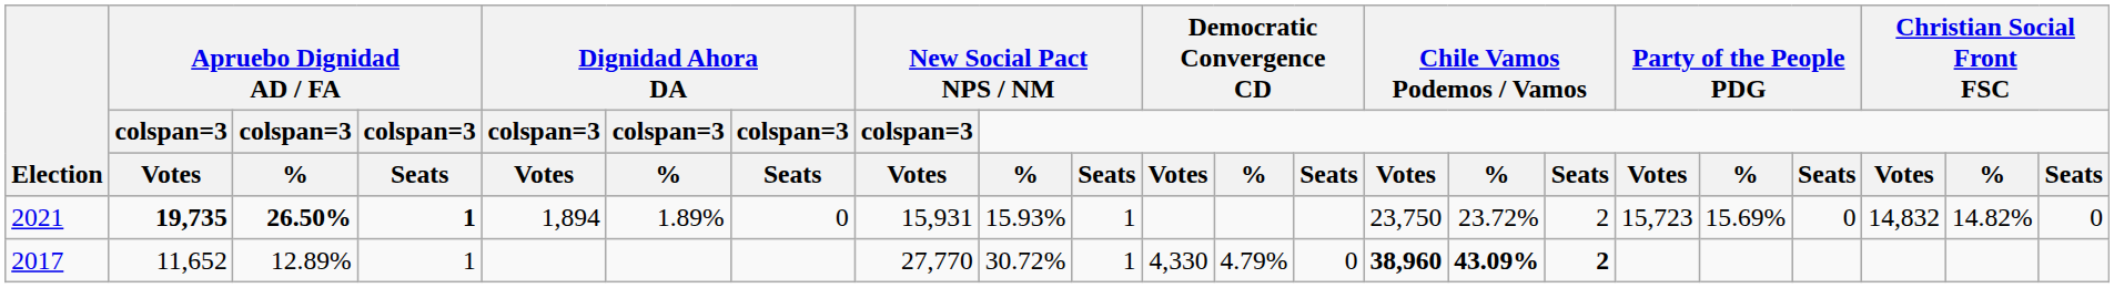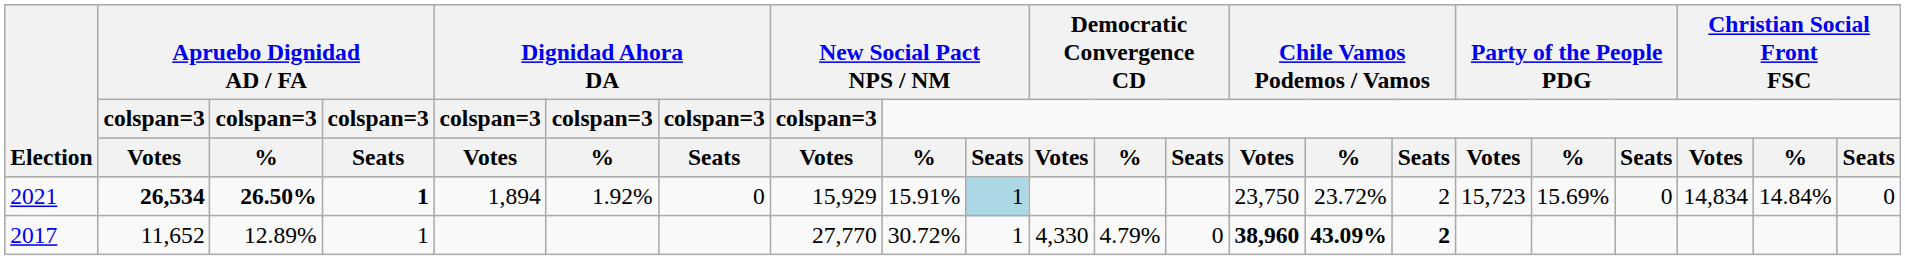 <table class="wikitable" border="1" style="font-size:95%; text-align:right;">
 <tr>
 <th style="text-align:left;" valign=bottom rowspan=3>Election</th>
 <th valign=bottom colspan=3><a href='#'>Apruebo Dignidad</a><br>AD / FA</th>
 <th valign=bottom colspan=3><a href='#'>Dignidad Ahora</a><br>DA</th>
 <th valign=bottom colspan=3><a href='#'>New Social Pact</a><br>NPS / NM</th>
 <th valign=bottom colspan=3>Democratic<br>Convergence<br>CD</th>
 <th valign=bottom colspan=3><a href='#'>Chile Vamos</a><br>Podemos / Vamos</th>
 <th valign=bottom colspan=3><a href='#'>Party of the People</a><br>PDG</th>
 <th valign=bottom colspan=3><a href='#'>Christian Social Front</a><br>FSC</th>
 </tr>
 <tr>
 <th>colspan=3 </th>
 <th>colspan=3 </th>
 <th>colspan=3 </th>
 <th>colspan=3 </th>
 <th>colspan=3 </th>
 <th>colspan=3 </th>
 <th>colspan=3 </th>
 </tr>
 <tr>
 <th>Votes</th>
 <th>%</th>
 <th>Seats</th>
 <th>Votes</th>
 <th>%</th>
 <th>Seats</th>
 <th>Votes</th>
 <th>%</th>
 <th>Seats</th>
 <th>Votes</th>
 <th>%</th>
 <th>Seats</th>
 <th>Votes</th>
 <th>%</th>
 <th>Seats</th>
 <th>Votes</th>
 <th>%</th>
 <th>Seats</th>
 <th>Votes</th>
 <th>%</th>
 <th>Seats</th>
 </tr>
 <tr>
 <td align=left><a href='#'>2021</a></td>
-<td><strong>19,735</strong></td>
+<td><strong>26,534</strong></td>
 <td><strong>26.50%</strong></td>
 <td><strong>1</strong></td>
 <td>1,894</td>
-<td>1.89%</td>
+<td>1.92%</td>
 <td>0</td>
-<td>15,931</td>
-<td>15.93%</td>
-<td>1</td>
+<td>15,929</td>
+<td>15.91%</td>
+<td style="background: lightblue;">1</td>
 <td></td>
 <td></td>
 <td></td>
 <td>23,750</td>
 <td>23.72%</td>
 <td>2</td>
 <td>15,723</td>
 <td>15.69%</td>
 <td>0</td>
-<td>14,832</td>
-<td>14.82%</td>
+<td>14,834</td>
+<td>14.84%</td>
 <td>0</td>
 </tr>
 <tr>
 <td align=left><a href='#'>2017</a></td>
 <td>11,652</td>
 <td>12.89%</td>
 <td>1</td>
 <td></td>
 <td></td>
 <td></td>
 <td>27,770</td>
 <td>30.72%</td>
 <td>1</td>
 <td>4,330</td>
 <td>4.79%</td>
 <td>0</td>
 <td><strong>38,960</strong></td>
 <td><strong>43.09%</strong></td>
 <td><strong>2</strong></td>
 <td></td>
 <td></td>
 <td></td>
 <td></td>
 <td></td>
 <td></td>
 </tr>
 </table>
